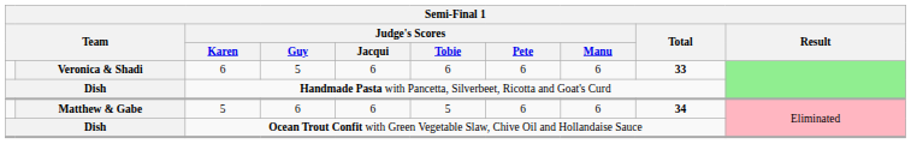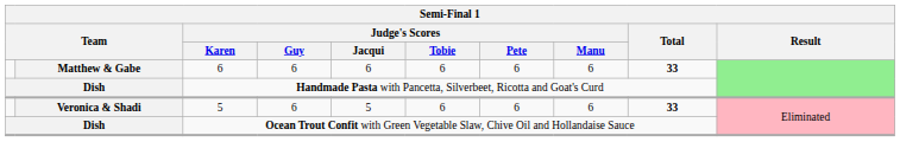 <table class="wikitable plainrowheaders" style="margin:1em auto; text-align:center; font-size:90%; width:80em;">
 <tr>
 <th colspan="10" >Semi-Final 1</th>
 </tr>
 <tr>
 <th rowspan="2" style="width:20%;" colspan="2">Team</th>
 <th colspan="6" style="width:50%;">Judge's Scores</th>
 <th rowspan="2" style="width:10%;">Total<br></th>
 <th rowspan="2" style="width:20%;">Result</th>
 </tr>
 <tr>
 <th style="width:50px;"><a href='#'>Karen</a></th>
 <th style="width:50px;"><a href='#'>Guy</a></th>
 <th style="width:50px;">Jacqui</th>
 <th style="width:50px;"><a href='#'>Tobie</a></th>
 <th style="width:50px;"><a href='#'>Pete</a></th>
 <th style="width:50px;"><a href='#'>Manu</a></th>
 </tr>
 <tr>
 <td></td>
-<th rowspan="1">Veronica & Shadi</th>
+<th rowspan="1">Matthew & Gabe</th>
 <td>6</td>
-<td>5</td>
+<td>6</td>
 <td>6</td>
 <td>6</td>
 <td>6</td>
 <td>6</td>
 <td><strong>33</strong></td>
 <td rowspan="2" style="background:lightgreen;"></td>
 </tr>
 <tr>
 <th colspan="2">Dish</th>
 <td colspan="7"><strong>Handmade Pasta</strong> with Pancetta, Silverbeet, Ricotta and Goat's Curd</td>
 </tr>
 <tr style="border-top:3px solid #aaa;">
 <td></td>
-<th rowspan="1">Matthew & Gabe</th>
+<th rowspan="1">Veronica & Shadi</th>
 <td>5</td>
-<td>6</td>
 <td>6</td>
 <td>5</td>
 <td>6</td>
 <td>6</td>
-<td><strong>34</strong></td>
+<td>6</td>
+<td><strong>33</strong></td>
 <td rowspan="2" style="background:lightpink">Eliminated</td>
 </tr>
 <tr>
 <th colspan="2">Dish</th>
 <td colspan="7"><strong>Ocean Trout Confit</strong> with Green Vegetable Slaw, Chive Oil and Hollandaise Sauce</td>
 </tr>
 <tr style="border-top:3px solid #aaa;">
 </tr>
 </table>
